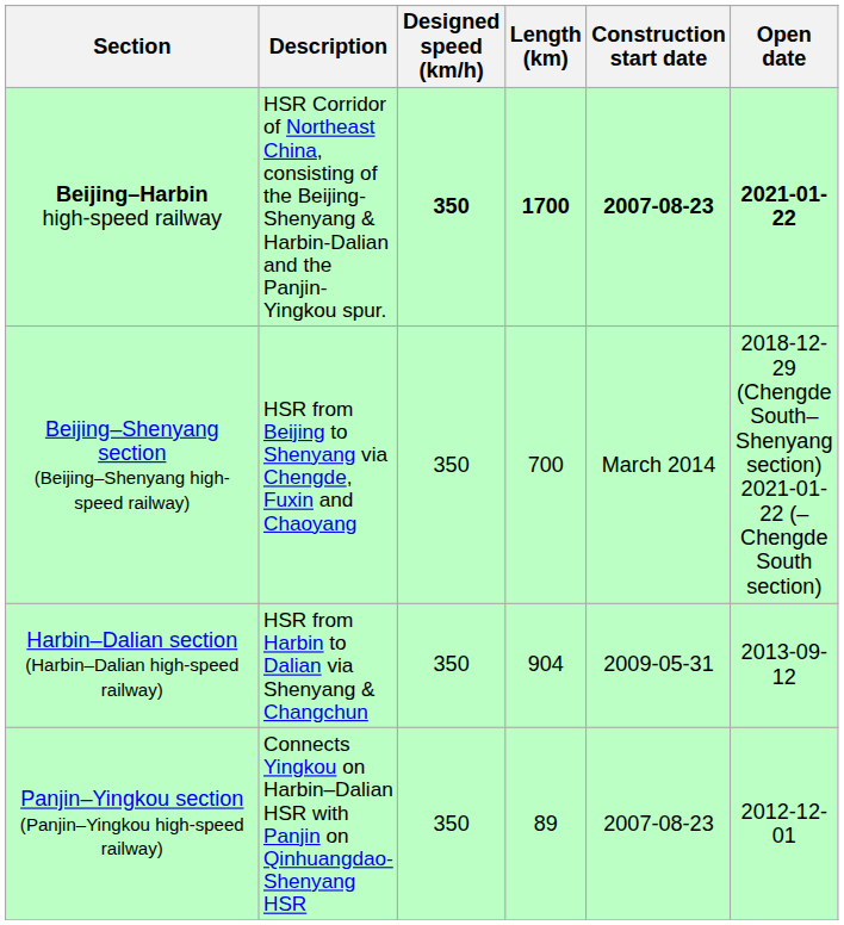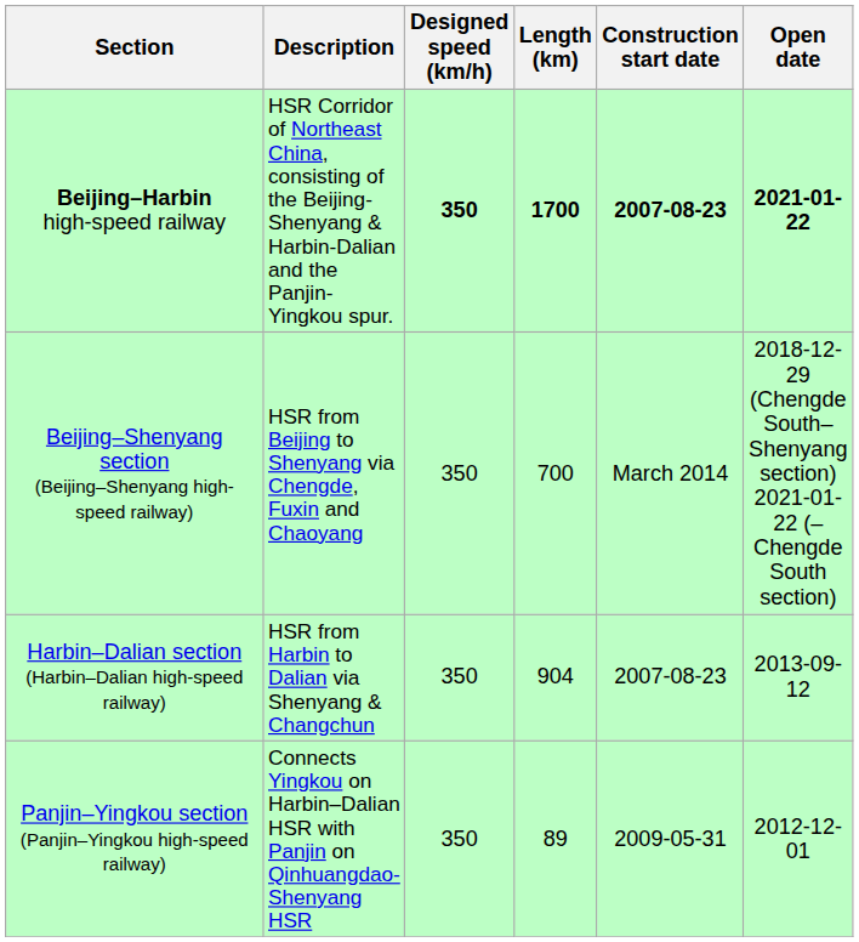 <table class="wikitable sortable" width=70% style="font-size:100%;text-align: center;">
 <tr>
 <th width="270">Section</th>
 <th>Description</th>
 <th>Designed <br> speed <br> (km/h) <br></th>
 <th>Length <br> (km) <br></th>
 <th>Construction <br> start date <br></th>
 <th>Open date <br></th>
 </tr>
 <tr style="background:#bcffc5;">
 <td style="font-size:100%;"><strong>Beijing–Harbin</strong> <br> high-speed railway <br> </td>
 <td style="font-size:95%; text-align:left">HSR Corridor of <a href='#'>Northeast China</a>, consisting of the Beijing-Shenyang & Harbin-Dalian and the Panjin-Yingkou spur.</td>
 <td><strong>350</strong></td>
 <td><strong>1700</strong></td>
 <td><strong>2007-08-23</strong></td>
 <td><strong>2021-01-22</strong></td>
 </tr>
 <tr style="background:#bcffc5;">
 <td><a href='#'>Beijing–Shenyang section</a> <br> <small>(Beijing–Shenyang high-speed railway)</small> <br> </td>
 <td style="font-size:95%; text-align:left">HSR from <a href='#'>Beijing</a> to <a href='#'>Shenyang</a> via <a href='#'>Chengde</a>, <a href='#'>Fuxin</a> and <a href='#'>Chaoyang</a></td>
 <td>350</td>
 <td>700</td>
 <td>March 2014</td>
 <td>2018-12-29 (Chengde South–Shenyang section)<br>2021-01-22 (–Chengde South section)</td>
 </tr>
 <tr style="background:#bcffc5;">
 <td><a href='#'>Harbin–Dalian section</a> <br> <small>(Harbin–Dalian high-speed railway)</small> <br> </td>
 <td style="font-size:95%; text-align:left">HSR from <a href='#'>Harbin</a> to <a href='#'>Dalian</a> via Shenyang & <a href='#'>Changchun</a></td>
 <td>350</td>
 <td>904</td>
-<td>2009-05-31</td>
+<td>2007-08-23</td>
 <td>2013-09-12</td>
 </tr>
 <tr style="background:#bcffc5;">
 <td><a href='#'>Panjin–Yingkou section</a> <br> <small>(Panjin–Yingkou high-speed railway)</small></td>
 <td style="font-size:95%; text-align:left">Connects <a href='#'>Yingkou</a> on Harbin–Dalian HSR with <a href='#'>Panjin</a> on <a href='#'>Qinhuangdao-Shenyang HSR</a></td>
 <td>350</td>
 <td>89</td>
-<td>2007-08-23</td>
+<td>2009-05-31</td>
 <td>2012-12-01</td>
 </tr>
 </table>
